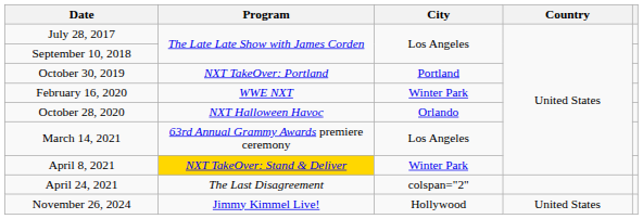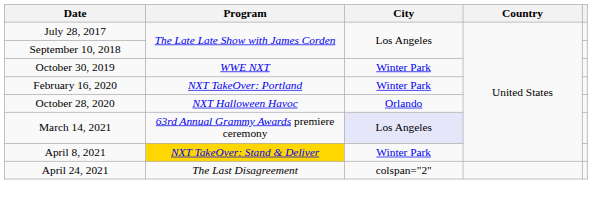 <table class="wikitable plainrowheaders" style="text-align:center;">
 <tr>
 <th scope="col" style="width:12em;">Date</th>
 <th scope="col" style="width:17em;">Program</th>
 <th scope="col" style="width:10em;">City</th>
 <th scope="col" style="width:10em;">Country</th>
 <th></th>
 </tr>
 <tr>
 <td>July 28, 2017</td>
 <td rowspan="2"><em><a href='#'>The Late Late Show with James Corden</a></em></td>
 <td rowspan="2">Los Angeles</td>
 <td rowspan="7">United States</td>
 <td></td>
 </tr>
 <tr>
 <td>September 10, 2018</td>
 <td></td>
 </tr>
 <tr>
 <td>October 30, 2019</td>
-<td><em><a href='#'>NXT TakeOver: Portland</a></em></td>
-<td><a href='#'>Portland</a></td>
+<td><em><a href='#'>WWE NXT</a></em></td>
+<td><a href='#'>Winter Park</a></td>
 <td></td>
 </tr>
 <tr>
 <td>February 16, 2020</td>
-<td><em><a href='#'>WWE NXT</a></em></td>
+<td><em><a href='#'>NXT TakeOver: Portland</a></em></td>
 <td><a href='#'>Winter Park</a></td>
 <td></td>
 </tr>
 <tr>
 <td>October 28, 2020</td>
 <td><a href='#'><em>NXT Halloween Havoc</em></a></td>
 <td><a href='#'>Orlando</a></td>
 <td></td>
 </tr>
 <tr>
 <td>March 14, 2021</td>
 <td><em><a href='#'>63rd Annual Grammy Awards</a></em> premiere ceremony</td>
-<td>Los Angeles</td>
+<td style="background: lavender;">Los Angeles</td>
 <td></td>
 </tr>
 <tr>
 <td>April 8, 2021</td>
 <td style="background: gold;"><em><a href='#'>NXT TakeOver: Stand & Deliver</a></em></td>
 <td><a href='#'>Winter Park</a></td>
 <td></td>
 </tr>
 <tr>
 <td>April 24, 2021</td>
 <td><em>The Last Disagreement</em></td>
 <td>colspan="2" </td>
 <td></td>
 </tr>
-<tr>
-<td>November 26, 2024</td>
-<td><a href='#'>Jimmy Kimmel Live!</a></td>
-<td>Hollywood</td>
-<td>United States</td>
-<td></td>
-</tr>
 </table>
